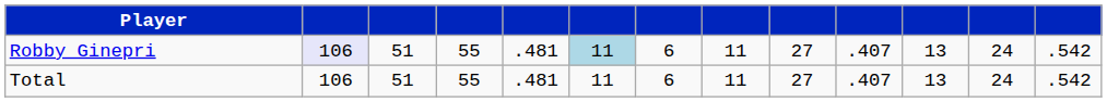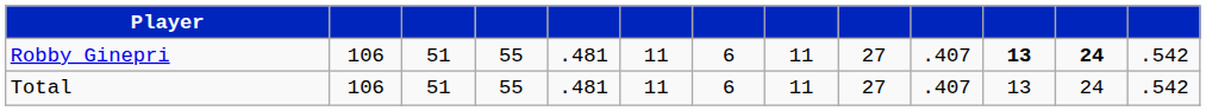 <table class="wikitable" style="text-align:center">
 <tr>
 <th style="background:#0025BD; color:white" width="200px">Player</th>
 <th style="background:#0025BD; color:white" width="40px"></th>
 <th style="background:#0025BD; color:white" width="40px"></th>
 <th style="background:#0025BD; color:white" width="40px"></th>
 <th style="background:#0025BD; color:white" width="40px"></th>
 <th style="background:#0025BD; color:white" width="40px"></th>
 <th style="background:#0025BD; color:white" width="40px"></th>
 <th style="background:#0025BD; color:white" width="40px"></th>
 <th style="background:#0025BD; color:white" width="40px"></th>
 <th style="background:#0025BD; color:white" width="40px"></th>
 <th style="background:#0025BD; color:white" width="40px"></th>
 <th style="background:#0025BD; color:white" width="40px"></th>
 <th style="background:#0025BD; color:white" width="40px"></th>
 </tr>
 <tr>
 <td style="text-align:left"><a href='#'>Robby Ginepri</a></td>
-<td style="background: lavender;">106</td>
+<td>106</td>
 <td>51</td>
 <td>55</td>
 <td>.481</td>
-<td style="background: lightblue;">11</td>
+<td>11</td>
 <td>6</td>
 <td>11</td>
 <td>27</td>
 <td>.407</td>
-<td>13</td>
-<td>24</td>
+<td><strong>13</strong></td>
+<td><strong>24</strong></td>
 <td>.542</td>
 </tr>
 <tr>
 <td style="text-align:left">Total</td>
 <td>106</td>
 <td>51</td>
 <td>55</td>
 <td>.481</td>
 <td>11</td>
 <td>6</td>
 <td>11</td>
 <td>27</td>
 <td>.407</td>
 <td>13</td>
 <td>24</td>
 <td>.542</td>
 </tr>
 </table>
